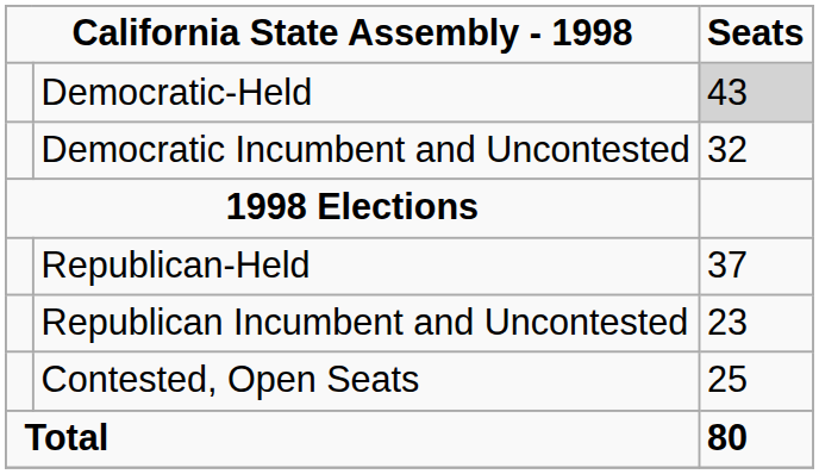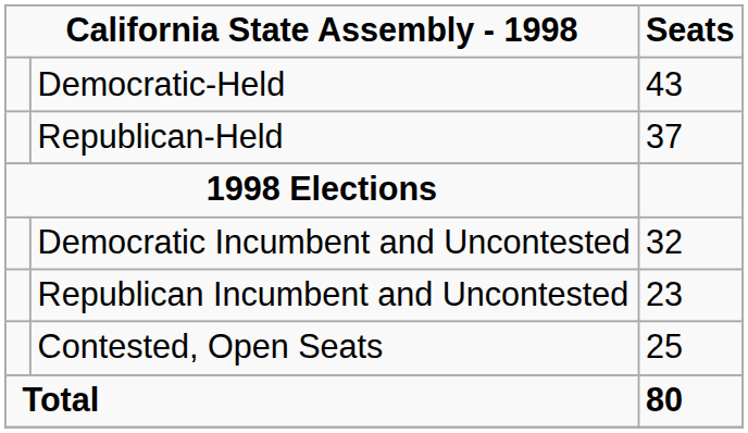 <table class="wikitable">
 <tr>
 <td colspan="2" rowspan="1" align="center" valign="top"><strong>California State Assembly - 1998</strong></td>
 <td valign="top"><strong>Seats</strong><br></td>
 </tr>
 <tr>
 <td style="background-color:"> </td>
 <td>Democratic-Held</td>
-<td style="background: lightgrey;">43</td>
+<td>43</td>
 </tr>
 <tr>
 <td style="background-color:"> </td>
-<td>Democratic Incumbent and Uncontested</td>
-<td>32</td>
+<td>Republican-Held</td>
+<td>37</td>
 </tr>
 <tr>
 <td colspan="2" rowspan="1" align="center"><strong>1998 Elections</strong></td>
 </tr>
 <tr>
 <td style="background-color:"> </td>
-<td>Republican-Held</td>
-<td>37</td>
+<td>Democratic Incumbent and Uncontested</td>
+<td>32</td>
 </tr>
 <tr>
 <td style="background-color:"> </td>
 <td>Republican Incumbent and Uncontested</td>
 <td>23</td>
 </tr>
 <tr>
 <td style="background-color:"> </td>
 <td>Contested, Open Seats</td>
 <td>25</td>
 </tr>
 <tr>
 <td colspan="2" rowspan="1"> <strong>Total</strong><br></td>
 <td><strong>80</strong></td>
 </tr>
 <tr>
 </tr>
 </table>
